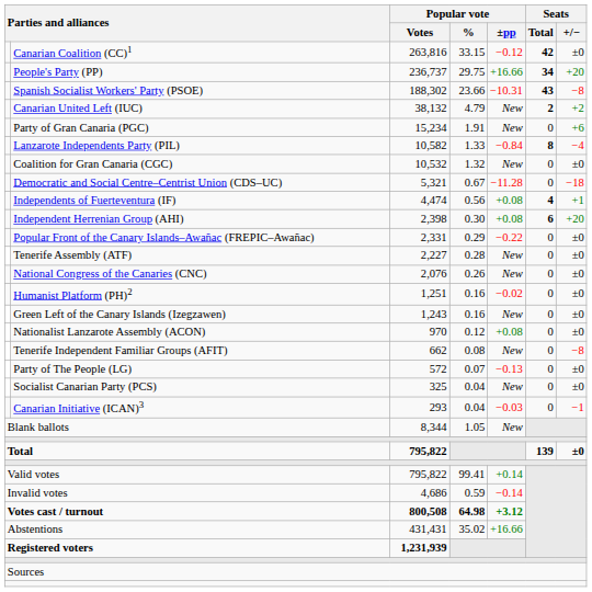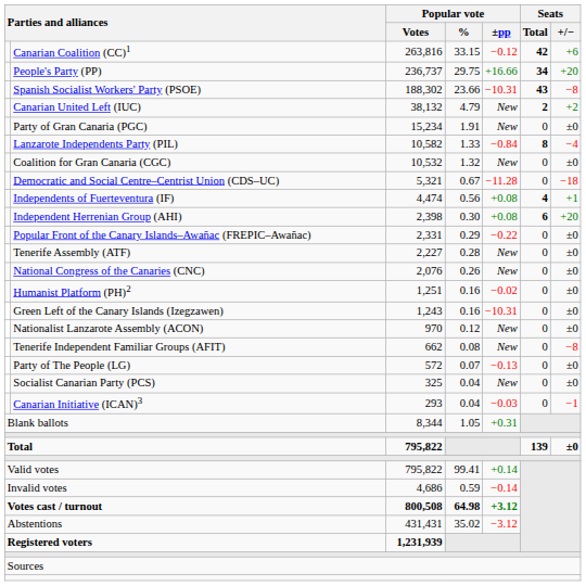 <table class="wikitable" style="text-align:right;">
 <tr>
 <th style="text-align:left;" rowspan="2" colspan="2" width="525">Parties and alliances</th>
 <th colspan="3">Popular vote</th>
 <th colspan="2">Seats</th>
 </tr>
 <tr>
 <th width="75">Votes</th>
 <th width="45">%</th>
 <th width="45">±<a href='#'>pp</a></th>
 <th width="35">Total</th>
 <th width="35">+/−</th>
 </tr>
 <tr>
 <td width="1" style="color:inherit;background:"></td>
 <td align="left"><a href='#'>Canarian Coalition</a> (CC)<sup>1</sup></td>
 <td>263,816</td>
 <td>33.15</td>
 <td style="color:red;">−0.12</td>
 <td><strong>42</strong></td>
-<td>±0</td>
+<td style="color:green;">+6</td>
 </tr>
 <tr>
 <td style="color:inherit;background:"></td>
 <td align="left"><a href='#'>People's Party</a> (PP)</td>
 <td>236,737</td>
 <td>29.75</td>
 <td style="color:green;">+16.66</td>
 <td><strong>34</strong></td>
 <td style="color:green;">+20</td>
 </tr>
 <tr>
 <td style="color:inherit;background:"></td>
 <td align="left"><a href='#'>Spanish Socialist Workers' Party</a> (PSOE)</td>
 <td>188,302</td>
 <td>23.66</td>
 <td style="color:red;">−10.31</td>
 <td><strong>43</strong></td>
 <td style="color:red;">−8</td>
 </tr>
 <tr>
 <td style="color:inherit;background:"></td>
 <td align="left"><a href='#'>Canarian United Left</a> (IUC)</td>
 <td>38,132</td>
 <td>4.79</td>
 <td><em>New</em></td>
 <td><strong>2</strong></td>
 <td style="color:green;">+2</td>
 </tr>
 <tr>
 <td style="color:inherit;background:"></td>
 <td align="left">Party of Gran Canaria (PGC)</td>
 <td>15,234</td>
 <td>1.91</td>
 <td><em>New</em></td>
 <td>0</td>
-<td style="color:green;">+6</td>
+<td>±0</td>
 </tr>
 <tr>
 <td style="color:inherit;background:"></td>
 <td align="left"><a href='#'>Lanzarote Independents Party</a> (PIL)</td>
 <td>10,582</td>
 <td>1.33</td>
 <td style="color:red;">−0.84</td>
 <td><strong>8</strong></td>
 <td style="color:red;">−4</td>
 </tr>
 <tr>
 <td style="color:inherit;background:"></td>
 <td align="left">Coalition for Gran Canaria (CGC)</td>
 <td>10,532</td>
 <td>1.32</td>
 <td><em>New</em></td>
 <td>0</td>
 <td>±0</td>
 </tr>
 <tr>
 <td style="color:inherit;background:"></td>
 <td align="left"><a href='#'>Democratic and Social Centre–Centrist Union</a> (CDS–UC)</td>
 <td>5,321</td>
 <td>0.67</td>
 <td style="color:red;">−11.28</td>
 <td>0</td>
 <td style="color:red;">−18</td>
 </tr>
 <tr>
 <td style="color:inherit;background:"></td>
 <td align="left"><a href='#'>Independents of Fuerteventura</a> (IF)</td>
 <td>4,474</td>
 <td>0.56</td>
 <td style="color:green;">+0.08</td>
 <td><strong>4</strong></td>
 <td style="color:green;">+1</td>
 </tr>
 <tr>
 <td style="color:inherit;background:"></td>
 <td align="left"><a href='#'>Independent Herrenian Group</a> (AHI)</td>
 <td>2,398</td>
 <td>0.30</td>
 <td style="color:green;">+0.08</td>
 <td><strong>6</strong></td>
 <td style="color:green;">+20</td>
 </tr>
 <tr>
 <td style="color:inherit;background:"></td>
 <td align="left"><a href='#'>Popular Front of the Canary Islands–Awañac</a> (FREPIC–Awañac)</td>
 <td>2,331</td>
 <td>0.29</td>
 <td style="color:red;">−0.22</td>
 <td>0</td>
 <td>±0</td>
 </tr>
 <tr>
 <td bgcolor="white"></td>
 <td align="left">Tenerife Assembly (ATF)</td>
 <td>2,227</td>
 <td>0.28</td>
 <td><em>New</em></td>
 <td>0</td>
 <td>±0</td>
 </tr>
 <tr>
 <td style="color:inherit;background:"></td>
 <td align="left"><a href='#'>National Congress of the Canaries</a> (CNC)</td>
 <td>2,076</td>
 <td>0.26</td>
 <td><em>New</em></td>
 <td>0</td>
 <td>±0</td>
 </tr>
 <tr>
 <td style="color:inherit;background:"></td>
 <td align="left"><a href='#'>Humanist Platform</a> (PH)<sup>2</sup></td>
 <td>1,251</td>
 <td>0.16</td>
 <td style="color:red;">−0.02</td>
 <td>0</td>
 <td>±0</td>
 </tr>
 <tr>
 <td bgcolor="white"></td>
 <td align="left">Green Left of the Canary Islands (Izegzawen)</td>
 <td>1,243</td>
 <td>0.16</td>
-<td><em>New</em></td>
+<td style="color:red;">−10.31</td>
 <td>0</td>
 <td>±0</td>
 </tr>
 <tr>
 <td bgcolor="white"></td>
 <td align="left">Nationalist Lanzarote Assembly (ACON)</td>
 <td>970</td>
 <td>0.12</td>
-<td style="color:green;">+0.08</td>
+<td><em>New</em></td>
 <td>0</td>
 <td>±0</td>
 </tr>
 <tr>
 <td bgcolor="white"></td>
 <td align="left">Tenerife Independent Familiar Groups (AFIT)</td>
 <td>662</td>
 <td>0.08</td>
 <td><em>New</em></td>
 <td>0</td>
 <td style="color:red;">−8</td>
 </tr>
 <tr>
 <td bgcolor="white"></td>
 <td align="left">Party of The People (LG)</td>
 <td>572</td>
 <td>0.07</td>
 <td style="color:red;">−0.13</td>
 <td>0</td>
 <td>±0</td>
 </tr>
 <tr>
 <td bgcolor="white"></td>
 <td align="left">Socialist Canarian Party (PCS)</td>
 <td>325</td>
 <td>0.04</td>
 <td><em>New</em></td>
 <td>0</td>
 <td>±0</td>
 </tr>
 <tr>
 <td style="color:inherit;background:"></td>
 <td align="left"><a href='#'>Canarian Initiative</a> (ICAN)<sup>3</sup></td>
 <td>293</td>
 <td>0.04</td>
 <td style="color:red;">−0.03</td>
 <td>0</td>
 <td style="color:red;">−1</td>
 </tr>
 <tr>
 <td align="left" colspan="2">Blank ballots</td>
 <td>8,344</td>
 <td>1.05</td>
-<td><em>New</em></td>
+<td style="color:green;">+0.31</td>
 <td bgcolor="#E9E9E9" colspan="2"></td>
 </tr>
 <tr>
 <td colspan="7" bgcolor="#E9E9E9"></td>
 </tr>
 <tr style="font-weight:bold;">
 <td align="left" colspan="2">Total</td>
 <td>795,822</td>
 <td bgcolor="#E9E9E9" colspan="2"></td>
 <td>139</td>
 <td>±0</td>
 </tr>
 <tr>
 <td colspan="7" bgcolor="#E9E9E9"></td>
 </tr>
 <tr>
 <td align="left" colspan="2">Valid votes</td>
 <td>795,822</td>
 <td>99.41</td>
 <td style="color:green;">+0.14</td>
 <td bgcolor="#E9E9E9" colspan="2" rowspan="5"></td>
 </tr>
 <tr>
 <td align="left" colspan="2">Invalid votes</td>
 <td>4,686</td>
 <td>0.59</td>
 <td style="color:red;">−0.14</td>
 </tr>
 <tr style="font-weight:bold;">
 <td align="left" colspan="2">Votes cast / turnout</td>
 <td>800,508</td>
 <td>64.98</td>
 <td style="color:green;">+3.12</td>
 </tr>
 <tr>
 <td align="left" colspan="2">Abstentions</td>
 <td>431,431</td>
 <td>35.02</td>
-<td style="color:green;">+16.66</td>
+<td style="color:red;">−3.12</td>
 </tr>
 <tr style="font-weight:bold;">
 <td align="left" colspan="2">Registered voters</td>
 <td>1,231,939</td>
 <td bgcolor="#E9E9E9" colspan="2"></td>
 </tr>
 <tr>
 <td colspan="7" bgcolor="#E9E9E9"></td>
 </tr>
 <tr>
 <td align="left" colspan="7">Sources</td>
 </tr>
 <tr>
 <td colspan="7" style="text-align:left; max-width:790px;"></td>
 </tr>
 </table>
